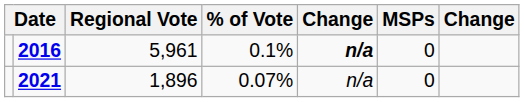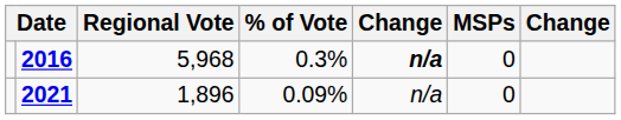 <table class="wikitable sortable" style="text-align: right">
 <tr>
 <th colspan="2">Date</th>
 <th>Regional Vote</th>
 <th>% of Vote</th>
 <th>Change</th>
 <th>MSPs</th>
 <th>Change</th>
 </tr>
 <tr>
 <td></td>
 <td><a href='#'><strong>2016</strong></a></td>
-<td>5,961</td>
-<td>0.1%</td>
+<td>5,968</td>
+<td>0.3%</td>
 <td><strong><em>n/a</em></strong></td>
 <td>0</td>
 <td></td>
 </tr>
 <tr>
 <td></td>
 <td><a href='#'><strong>2021</strong></a></td>
 <td>1,896</td>
-<td>0.07%</td>
+<td>0.09%</td>
 <td><em>n/a</em></td>
 <td>0</td>
 <td></td>
 </tr>
 </table>
